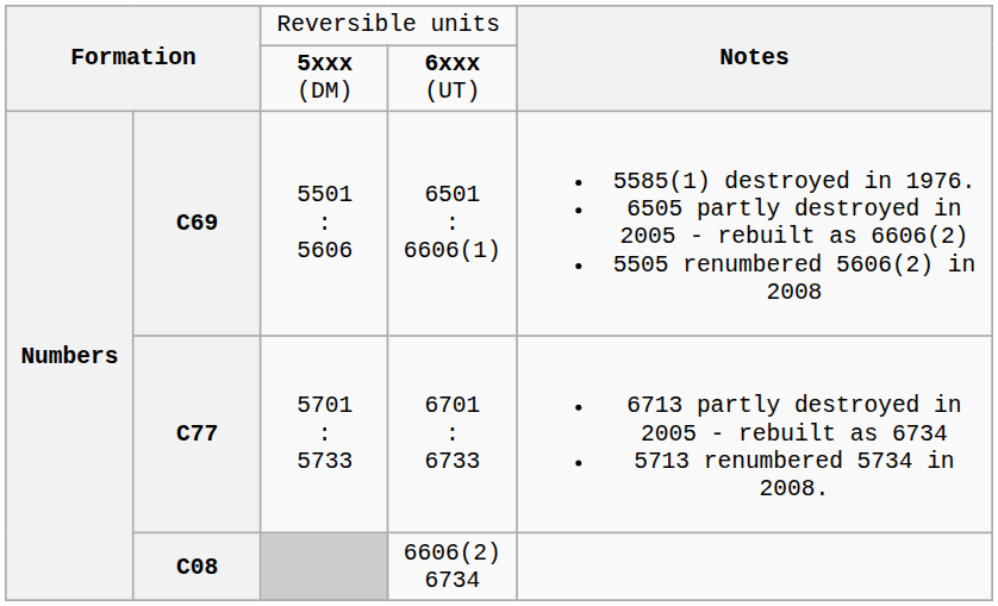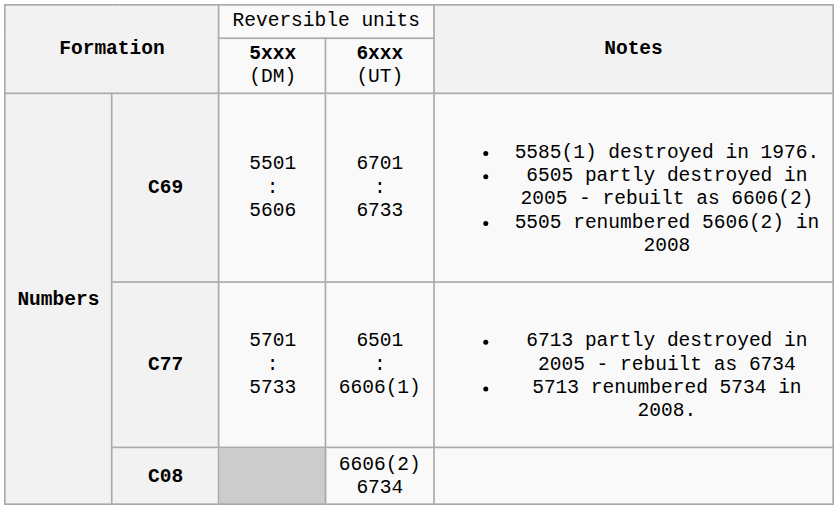 <table class="wikitable" style="text-align:center; font-size:90%;">
 <tr style="border-top:solid 4px #">
 <th colspan="2" rowspan="2">Formation</th>
 <td colspan="2">Reversible units</td>
 <th style="width:20em" rowspan="2">Notes</th>
 </tr>
 <tr>
 <td style="width:5em"><strong>5xxx</strong><br>(DM)</td>
 <td style="width:5em"><strong>6xxx</strong><br>(UT)</td>
 </tr>
 <tr style="border-top:solid 4px #">
 <th style="width:5em" rowspan="3">Numbers</th>
 <th style="width:5em">C69</th>
 <td>5501<br>:<br>5606</td>
-<td>6501<br>:<br>6606(1)</td>
+<td>6701<br>:<br>6733</td>
 <td><br><ul><li>5585(1) destroyed in 1976.</li><li>6505 partly destroyed in 2005 - rebuilt as 6606(2)</li><li>5505 renumbered 5606(2) in 2008</li></ul></td>
 </tr>
 <tr>
 <th>C77</th>
 <td>5701<br>:<br>5733</td>
-<td>6701<br>:<br>6733</td>
+<td>6501<br>:<br>6606(1)</td>
 <td><br><ul><li>6713 partly destroyed in 2005 - rebuilt as 6734</li><li>5713 renumbered 5734 in 2008.</li></ul></td>
 </tr>
 <tr>
 <th>C08</th>
 <td style="background-color:#ccc;"></td>
 <td>6606(2)<br>6734</td>
 <td></td>
 </tr>
 </table>
